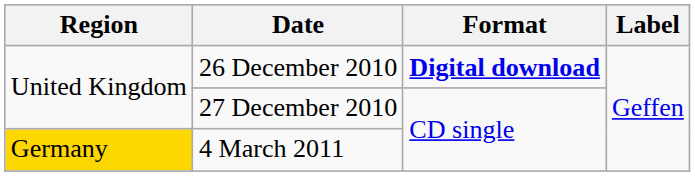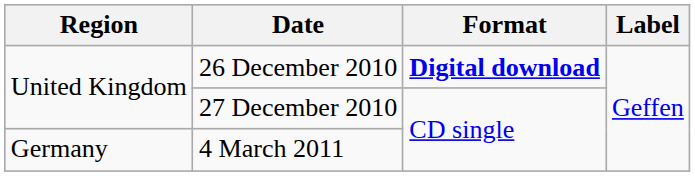 <table class="wikitable">
 <tr>
 <th scope="col">Region</th>
 <th scope="col">Date</th>
 <th scope="col">Format</th>
 <th scope="col">Label</th>
 </tr>
 <tr>
 <td rowspan="2">United Kingdom</td>
 <td>26 December 2010</td>
 <td><strong><a href='#'>Digital download</a></strong></td>
 <td rowspan="3"><a href='#'>Geffen</a></td>
 </tr>
 <tr>
 <td>27 December 2010</td>
 <td rowspan="2"><a href='#'>CD single</a></td>
 </tr>
 <tr>
-<td style="background: gold;">Germany</td>
+<td>Germany</td>
 <td>4 March 2011</td>
 </tr>
 </table>
